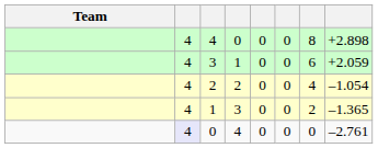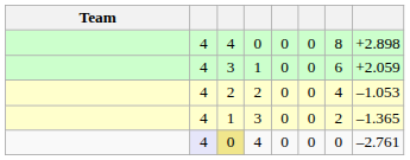 <table class="wikitable" style="text-align:center">
 <tr>
 <th width=180>Team</th>
 <th width=20></th>
 <th width=20></th>
 <th width=20></th>
 <th width=20></th>
 <th width=20></th>
 <th width=20></th>
 <th width=45></th>
 </tr>
 <tr style="background:#cfc">
 <td align="left"></td>
 <td>4</td>
 <td>4</td>
 <td>0</td>
 <td>0</td>
 <td>0</td>
 <td>8</td>
 <td>+2.898</td>
 </tr>
 <tr style="background:#cfc">
 <td align="left"></td>
 <td>4</td>
 <td>3</td>
 <td>1</td>
 <td>0</td>
 <td>0</td>
 <td>6</td>
 <td>+2.059</td>
 </tr>
 <tr style="background:#ffc">
 <td align="left"></td>
 <td>4</td>
 <td>2</td>
 <td>2</td>
 <td>0</td>
 <td>0</td>
 <td>4</td>
-<td>–1.054</td>
+<td>–1.053</td>
 </tr>
 <tr style="background:#ffc">
 <td align="left"></td>
 <td>4</td>
 <td>1</td>
 <td>3</td>
 <td>0</td>
 <td>0</td>
 <td>2</td>
 <td>–1.365</td>
 </tr>
 <tr>
 <td align="left"></td>
 <td style="background: lavender;">4</td>
-<td>0</td>
+<td style="background: khaki;">0</td>
 <td>4</td>
 <td>0</td>
 <td>0</td>
 <td>0</td>
 <td>–2.761</td>
 </tr>
 </table>
